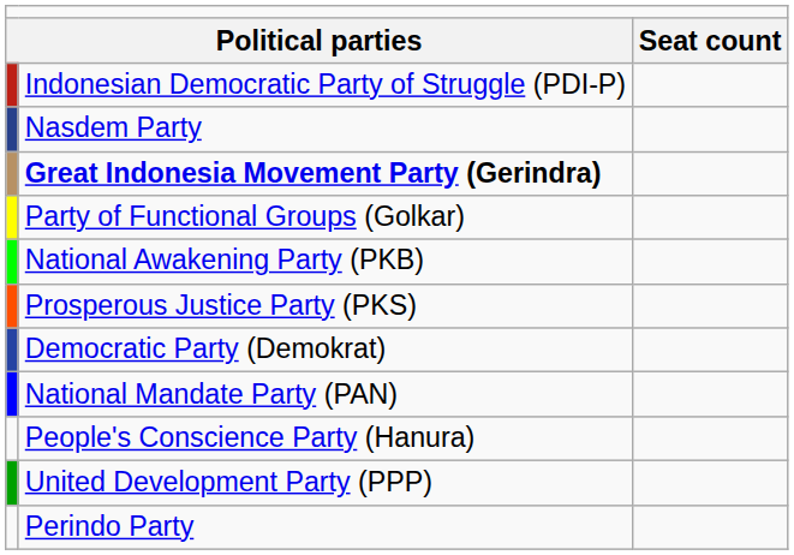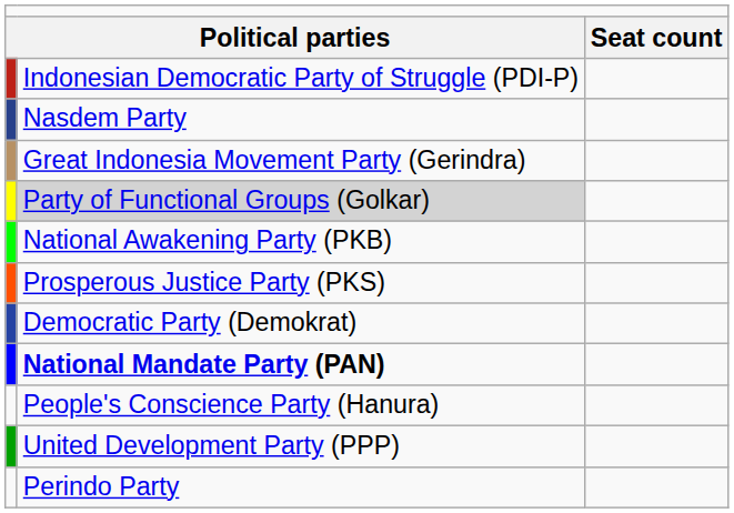 <table class="wikitable">
 <tr>
 <td colspan="4"></td>
 </tr>
 <tr>
 <th colspan="2">Political parties</th>
 <th>Seat count</th>
 </tr>
 <tr>
 <td bgcolor=#BD2016></td>
 <td><a href='#'>Indonesian Democratic Party of Struggle</a> (PDI-P)</td>
 <td></td>
 </tr>
 <tr>
 <td bgcolor=#27408B></td>
 <td><a href='#'>Nasdem Party</a></td>
 <td></td>
 </tr>
 <tr>
 <td bgcolor=#B79164></td>
-<td><strong><a href='#'>Great Indonesia Movement Party</a> (Gerindra)</strong></td>
+<td><a href='#'>Great Indonesia Movement Party</a> (Gerindra)</td>
 <td></td>
 </tr>
 <tr>
 <td bgcolor=#FFFF00></td>
-<td><a href='#'>Party of Functional Groups</a> (Golkar)</td>
+<td style="background: lightgrey;"><a href='#'>Party of Functional Groups</a> (Golkar)</td>
 <td></td>
 </tr>
 <tr>
 <td bgcolor=#00FF00></td>
 <td><a href='#'>National Awakening Party</a> (PKB)</td>
 <td></td>
 </tr>
 <tr>
 <td bgcolor=#FF4F00></td>
 <td><a href='#'>Prosperous Justice Party</a> (PKS)</td>
 <td></td>
 </tr>
 <tr>
 <td bgcolor=#2643A3></td>
 <td><a href='#'>Democratic Party</a> (Demokrat)</td>
 <td></td>
 </tr>
 <tr>
 <td bgcolor=#0000FF></td>
-<td><a href='#'>National Mandate Party</a> (PAN)</td>
+<td><strong><a href='#'>National Mandate Party</a> (PAN)</strong></td>
 <td></td>
 </tr>
 <tr>
 <td bgcolor=></td>
 <td><a href='#'>People's Conscience Party</a> (Hanura)</td>
 <td></td>
 </tr>
 <tr>
 <td bgcolor=#00A100></td>
 <td><a href='#'>United Development Party</a> (PPP)</td>
 <td></td>
 </tr>
 <tr>
 <td bgcolor=></td>
 <td><a href='#'>Perindo Party</a></td>
 <td></td>
 </tr>
 </table>
